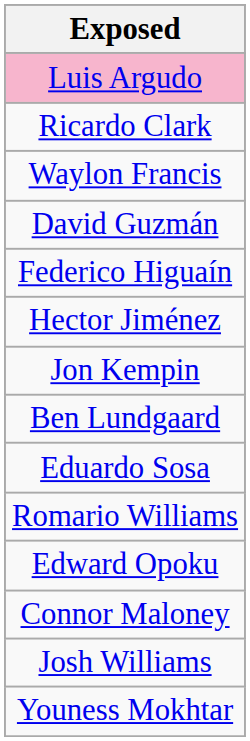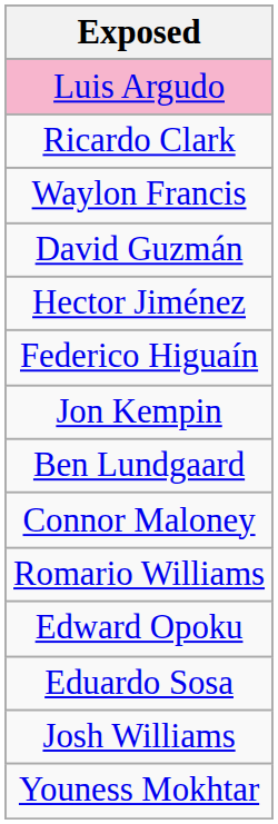 <table class="wikitable" style="text-align:center">
 <tr>
 <th>Exposed</th>
 </tr>
 <tr>
 <td style="background: #f7b5cd"><a href='#'>Luis Argudo</a></td>
 </tr>
 <tr>
 <td><a href='#'>Ricardo Clark</a></td>
 </tr>
 <tr>
 <td><a href='#'>Waylon Francis</a></td>
 </tr>
 <tr>
 <td><a href='#'>David Guzmán</a></td>
 </tr>
 <tr>
-<td><a href='#'>Federico Higuaín</a></td>
+<td><a href='#'>Hector Jiménez</a></td>
 </tr>
 <tr>
-<td><a href='#'>Hector Jiménez</a></td>
+<td><a href='#'>Federico Higuaín</a></td>
 </tr>
 <tr>
 <td><a href='#'>Jon Kempin</a></td>
 </tr>
 <tr>
 <td><a href='#'>Ben Lundgaard</a></td>
 </tr>
 <tr>
-<td><a href='#'>Eduardo Sosa</a></td>
+<td><a href='#'>Connor Maloney</a></td>
 </tr>
 <tr>
 <td><a href='#'>Romario Williams</a></td>
 </tr>
 <tr>
 <td><a href='#'>Edward Opoku</a></td>
 </tr>
 <tr>
-<td><a href='#'>Connor Maloney</a></td>
+<td><a href='#'>Eduardo Sosa</a></td>
 </tr>
 <tr>
 <td><a href='#'>Josh Williams</a></td>
 </tr>
 <tr>
 <td><a href='#'>Youness Mokhtar</a></td>
 </tr>
 <tr>
 </tr>
 </table>
